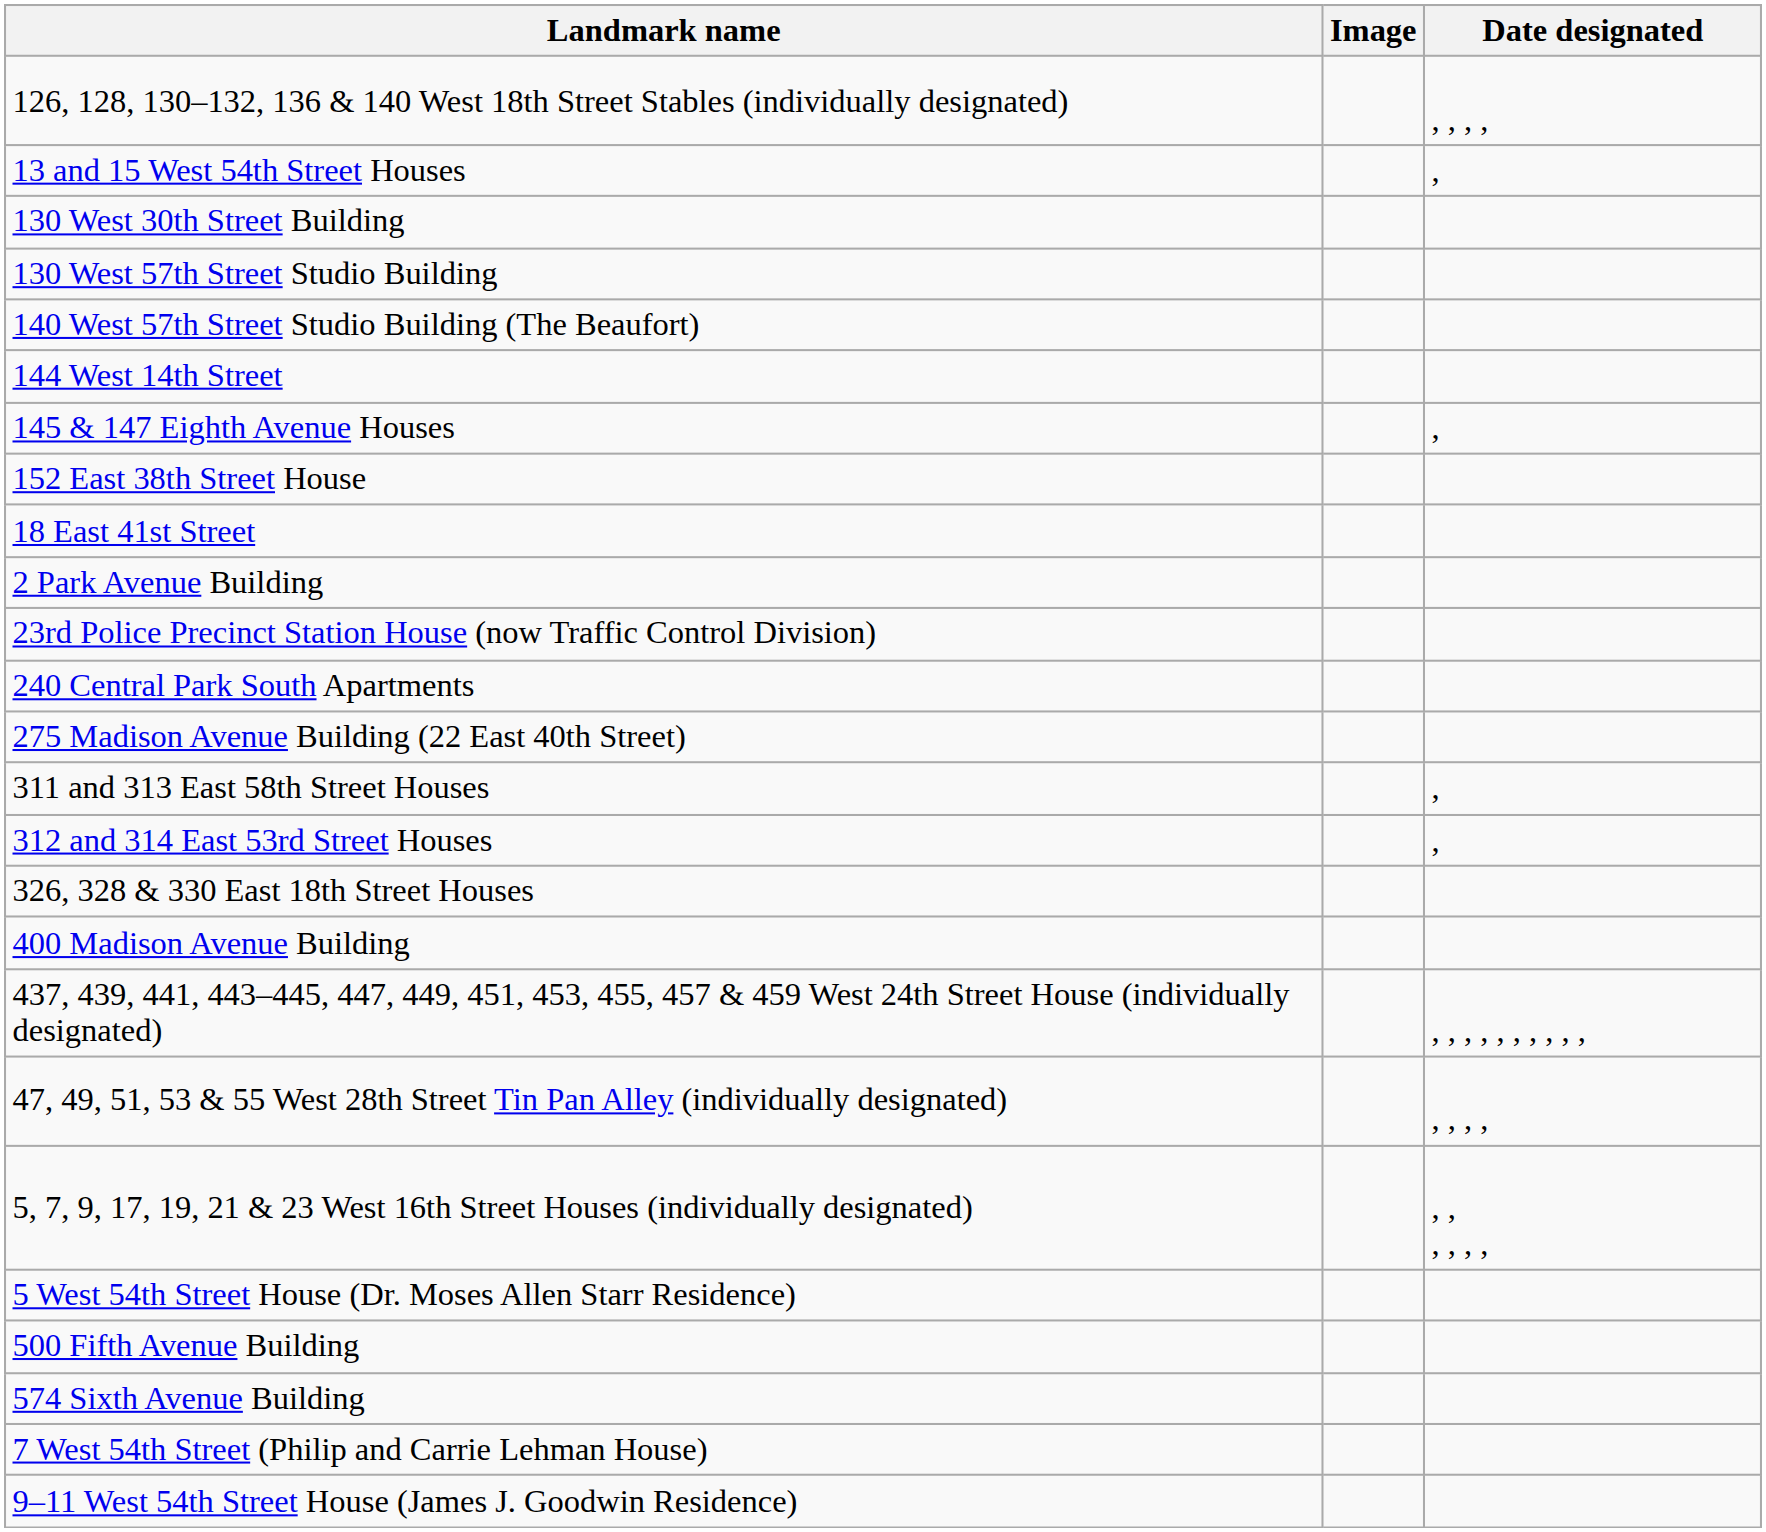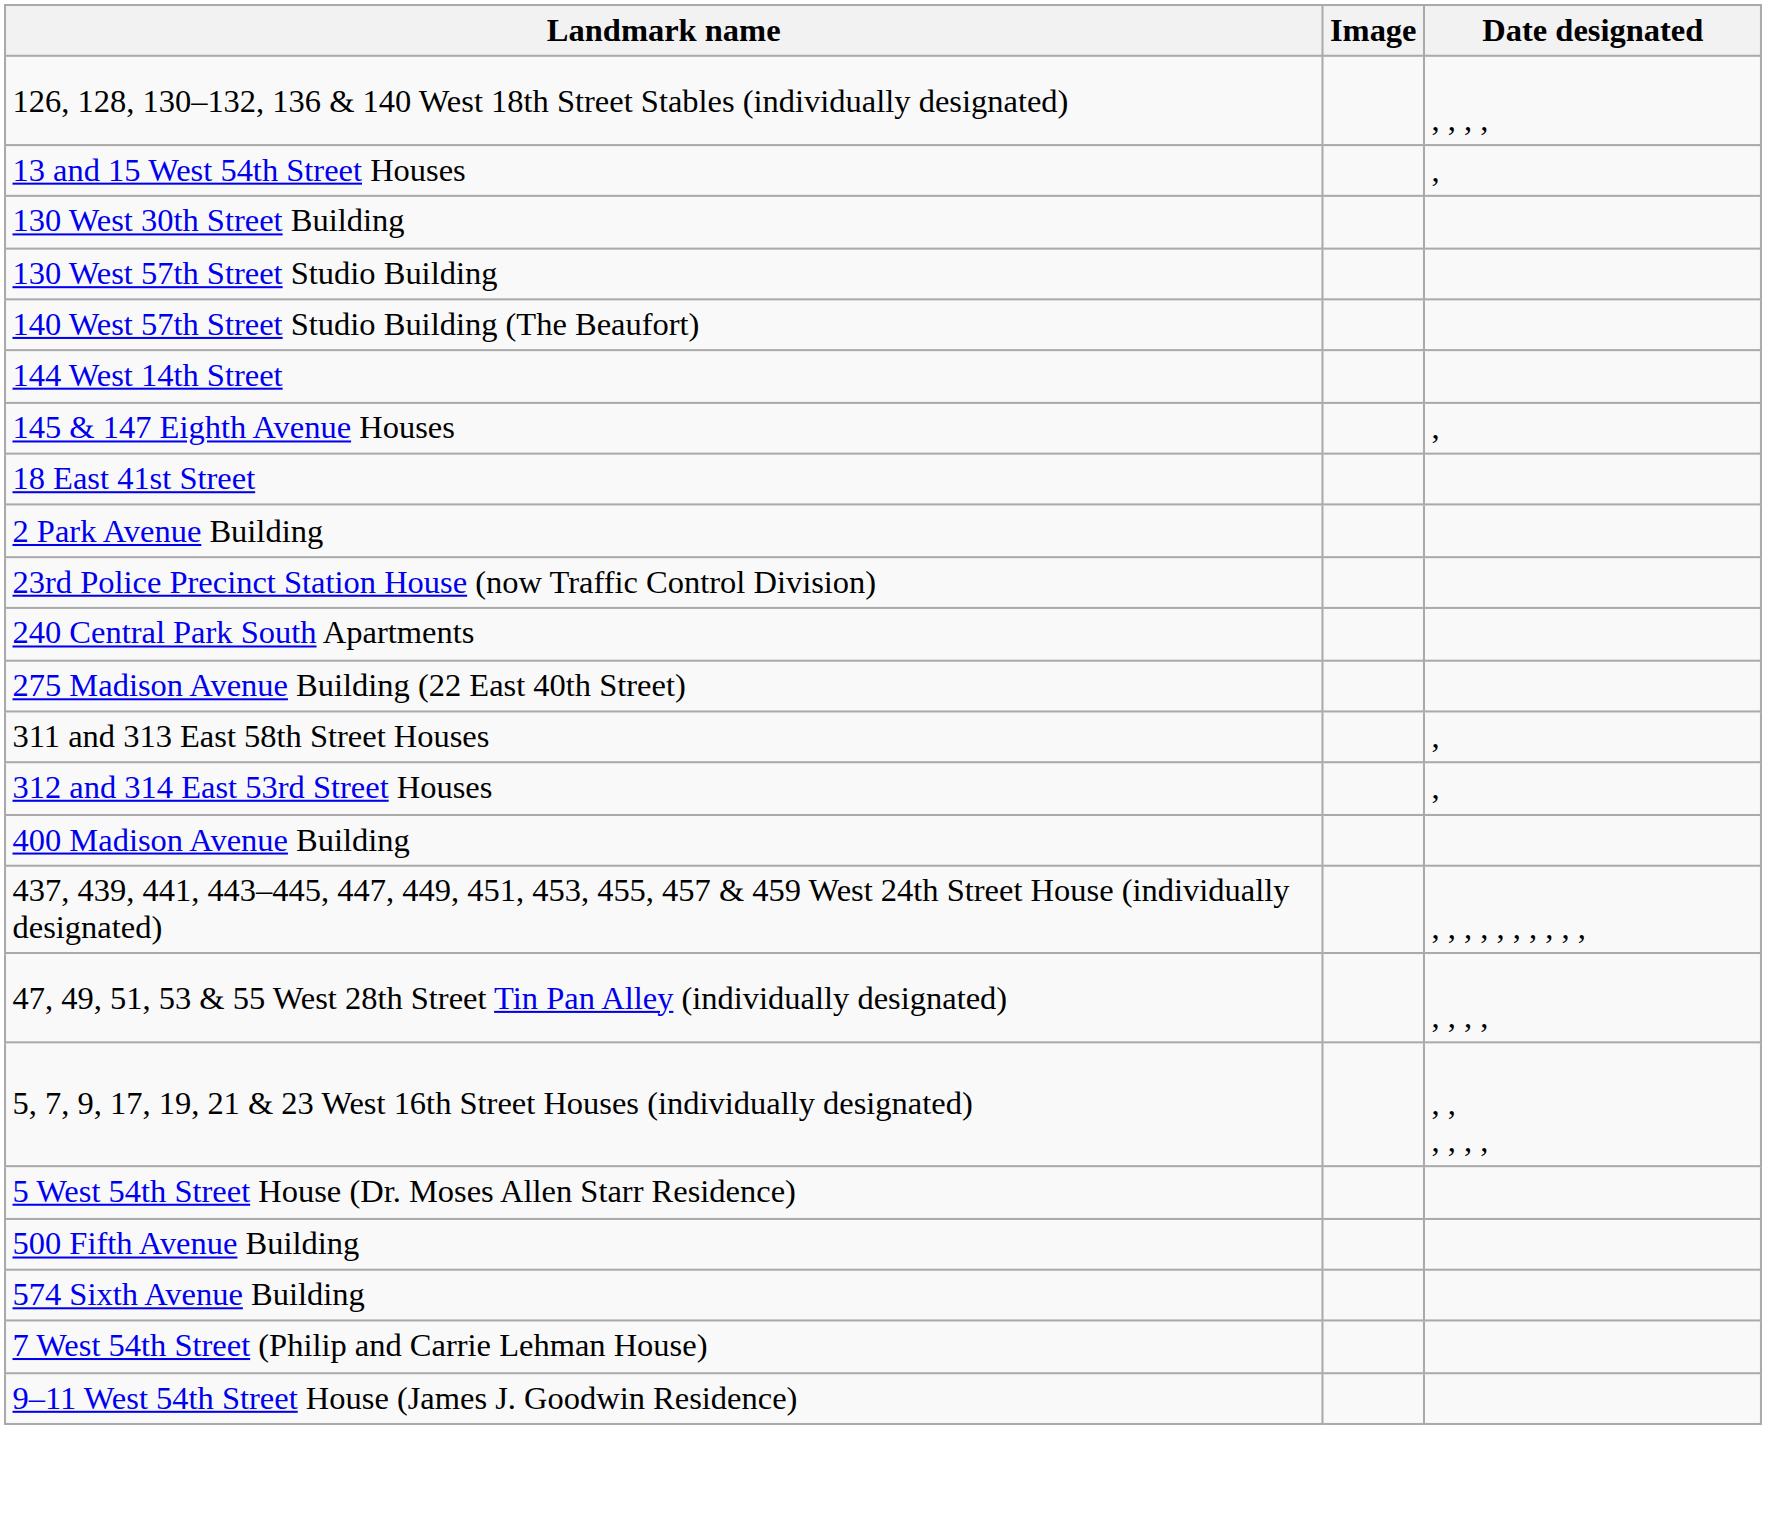 <table class="wikitable sortable" style="width:98%">
 <tr>
 <th width = 75%><strong>Landmark name</strong></th>
 <th width = 4% class="unsortable"><strong>Image</strong></th>
 <th><strong>Date designated</strong></th>
 </tr>
 <tr>
 <td>126, 128, 130–132, 136 & 140 West 18th Street Stables (individually designated)</td>
 <td></td>
 <td><br>, , , , </td>
 </tr>
 <tr>
 <td><a href='#'>13 and 15 West 54th Street</a> Houses</td>
 <td></td>
 <td> , </td>
 </tr>
 <tr>
 <td><a href='#'>130 West 30th Street</a> Building</td>
 <td></td>
 <td> </td>
 </tr>
 <tr>
 <td><a href='#'>130 West 57th Street</a> Studio Building</td>
 <td></td>
 <td> </td>
 </tr>
 <tr>
 <td><a href='#'>140 West 57th Street</a> Studio Building (The Beaufort)</td>
 <td></td>
 <td> </td>
 </tr>
 <tr>
 <td><a href='#'>144 West 14th Street</a></td>
 <td></td>
 <td> </td>
 </tr>
 <tr>
 <td><a href='#'>145 & 147 Eighth Avenue</a> Houses</td>
 <td></td>
 <td> , </td>
 </tr>
 <tr>
-<td><a href='#'>152 East 38th Street</a> House</td>
-<td></td>
-<td> </td>
-</tr>
-<tr>
 <td><a href='#'>18 East 41st Street</a></td>
 <td></td>
 <td> </td>
 </tr>
 <tr>
 <td><a href='#'>2 Park Avenue</a> Building</td>
 <td></td>
 <td> </td>
 </tr>
 <tr>
 <td><a href='#'>23rd Police Precinct Station House</a> (now Traffic Control Division)</td>
 <td></td>
 <td> </td>
 </tr>
 <tr>
 <td><a href='#'>240 Central Park South</a> Apartments</td>
 <td></td>
 <td> </td>
 </tr>
 <tr>
 <td><a href='#'>275 Madison Avenue</a> Building (22 East 40th Street)</td>
 <td></td>
 <td> </td>
 </tr>
 <tr>
 <td>311 and 313 East 58th Street Houses  </td>
 <td></td>
 <td> , </td>
 </tr>
 <tr>
 <td><a href='#'>312 and 314 East 53rd Street</a> Houses</td>
 <td></td>
 <td> ,  </td>
-</tr>
-<tr>
-<td>326, 328 & 330 East 18th Street Houses</td>
-<td></td>
-<td> </td>
 </tr>
 <tr>
 <td><a href='#'>400 Madison Avenue</a> Building </td>
 <td></td>
 <td> </td>
 </tr>
 <tr>
 <td>437, 439, 441, 443–445, 447, 449, 451, 453, 455, 457 & 459  West 24th Street House (individually designated)</td>
 <td></td>
 <td><br>, , , , , , , , , , </td>
 </tr>
 <tr>
 <td>47, 49, 51, 53 & 55 West 28th Street <a href='#'>Tin Pan Alley</a> (individually designated)</td>
 <td></td>
 <td><br>, , , , </td>
 </tr>
 <tr>
 <td>5, 7, 9, 17, 19, 21 & 23 West 16th Street Houses (individually designated)</td>
 <td><br></td>
 <td><br>, ,<br>,  ,  ,  ,  </td>
 </tr>
 <tr>
 <td><a href='#'>5 West 54th Street</a> House (Dr. Moses Allen Starr Residence)</td>
 <td></td>
 <td> </td>
 </tr>
 <tr>
 <td><a href='#'>500 Fifth Avenue</a> Building</td>
 <td></td>
 <td> </td>
 </tr>
 <tr>
 <td><a href='#'>574 Sixth Avenue</a> Building</td>
 <td></td>
 <td> </td>
 </tr>
 <tr>
 <td><a href='#'>7 West 54th Street</a> (Philip and Carrie Lehman House)</td>
 <td></td>
 <td> </td>
 </tr>
 <tr>
 <td><a href='#'>9–11 West 54th Street</a> House (James J. Goodwin Residence)</td>
 <td></td>
 <td> </td>
 </tr>
 </table>
